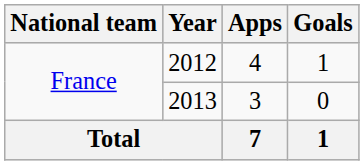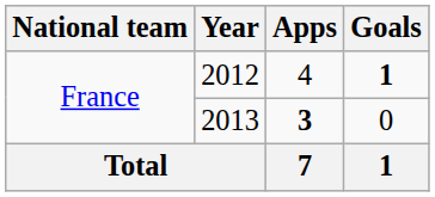 <table class="wikitable" style="text-align: center;">
 <tr>
 <th>National team</th>
 <th>Year</th>
 <th>Apps</th>
 <th>Goals</th>
 </tr>
 <tr>
 <td rowspan="2"><a href='#'>France</a></td>
 <td>2012</td>
 <td>4</td>
-<td>1</td>
+<td><strong>1</strong></td>
 </tr>
 <tr>
 <td>2013</td>
-<td>3</td>
+<td><strong>3</strong></td>
 <td>0</td>
 </tr>
 <tr>
 <th colspan="2">Total</th>
 <th>7</th>
 <th>1</th>
 </tr>
 </table>
